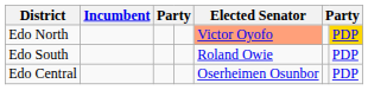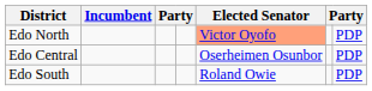 <table class="sortable wikitable" style="font-size:95%;line-height:14px;">
 <tr>
 <th class="unsortable">District</th>
 <th class="unsortable"><a href='#'>Incumbent</a></th>
 <th colspan="2">Party</th>
 <th class="unsortable">Elected Senator</th>
 <th colspan="2">Party</th>
 </tr>
 <tr>
 <td>Edo North</td>
 <td></td>
 <td></td>
 <td></td>
 <td style="background: lightsalmon;"><a href='#'>Victor Oyofo</a></td>
 <td style="background:"></td>
-<td style="background: gold;"><a href='#'>PDP</a></td>
-</tr>
-<tr>
-<td>Edo South</td>
-<td></td>
-<td></td>
-<td></td>
-<td><a href='#'>Roland Owie</a></td>
-<td style="background:"></td>
 <td><a href='#'>PDP</a></td>
 </tr>
 <tr>
 <td>Edo Central</td>
 <td></td>
 <td></td>
 <td></td>
 <td><a href='#'>Oserheimen Osunbor</a></td>
 <td style="background:"></td>
 <td><a href='#'>PDP</a></td>
 </tr>
+<tr>
+<td>Edo South</td>
+<td></td>
+<td></td>
+<td></td>
+<td><a href='#'>Roland Owie</a></td>
+<td style="background:"></td>
+<td><a href='#'>PDP</a></td>
+</tr>
 </table>
